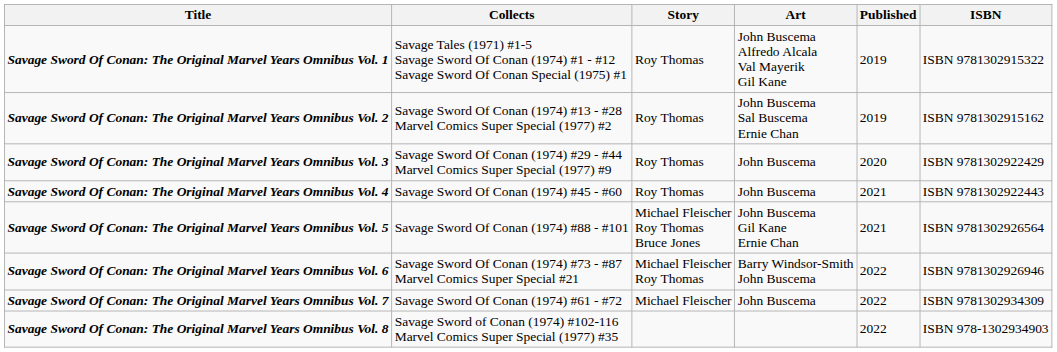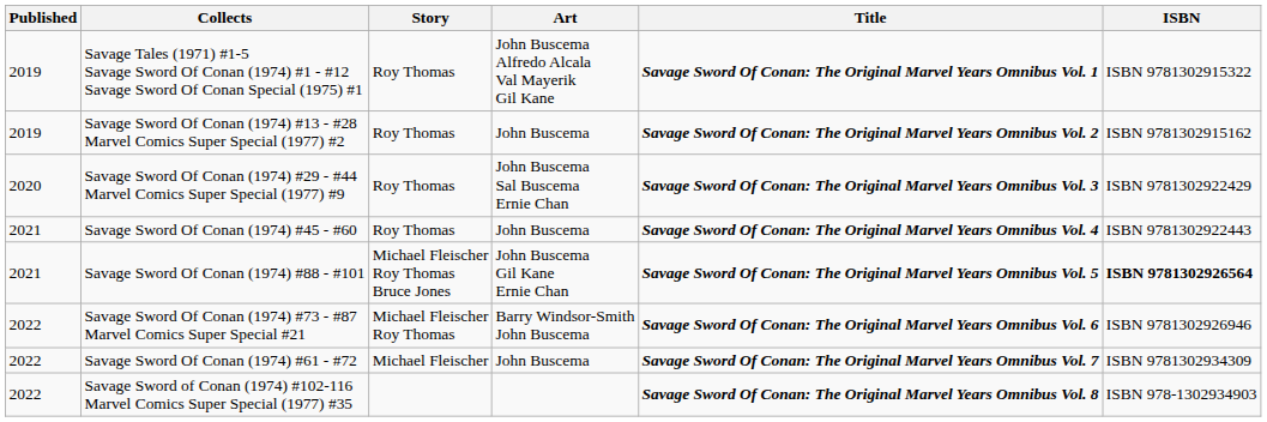 <table class="wikitable">
 <tr>
-<th>Title</th>
+<th>Published</th>
 <th>Collects</th>
 <th>Story</th>
 <th>Art</th>
-<th>Published</th>
+<th>Title</th>
 <th>ISBN</th>
 </tr>
 <tr>
-<td><strong><em>Savage Sword Of Conan: The Original Marvel Years Omnibus Vol. 1</em></strong></td>
+<td>2019</td>
 <td>Savage Tales (1971) #1-5<br>Savage Sword Of Conan (1974) #1 - #12<br>Savage Sword Of Conan Special (1975) #1</td>
 <td>Roy Thomas</td>
 <td>John Buscema<br>Alfredo Alcala<br>Val Mayerik<br>Gil Kane</td>
-<td>2019</td>
+<td><strong><em>Savage Sword Of Conan: The Original Marvel Years Omnibus Vol. 1</em></strong></td>
 <td>ISBN 9781302915322</td>
 </tr>
 <tr>
-<td><strong><em>Savage Sword Of Conan: The Original Marvel Years Omnibus Vol. 2</em></strong></td>
+<td>2019</td>
 <td>Savage Sword Of Conan (1974) #13 - #28<br>Marvel Comics Super Special (1977) #2</td>
 <td>Roy Thomas</td>
-<td>John Buscema<br>Sal Buscema<br>Ernie Chan</td>
-<td>2019</td>
+<td>John Buscema</td>
+<td><strong><em>Savage Sword Of Conan: The Original Marvel Years Omnibus Vol. 2</em></strong></td>
 <td>ISBN 9781302915162</td>
 </tr>
 <tr>
-<td><strong><em>Savage Sword Of Conan: The Original Marvel Years Omnibus Vol. 3</em></strong></td>
+<td>2020</td>
 <td>Savage Sword Of Conan (1974) #29 - #44<br>Marvel Comics Super Special (1977) #9</td>
 <td>Roy Thomas</td>
-<td>John Buscema</td>
-<td>2020</td>
+<td>John Buscema<br>Sal Buscema<br>Ernie Chan</td>
+<td><strong><em>Savage Sword Of Conan: The Original Marvel Years Omnibus Vol. 3</em></strong></td>
 <td>ISBN 9781302922429</td>
 </tr>
 <tr>
-<td><strong><em>Savage Sword Of Conan: The Original Marvel Years Omnibus Vol. 4</em></strong></td>
+<td>2021</td>
 <td>Savage Sword Of Conan (1974) #45 - #60</td>
 <td>Roy Thomas</td>
 <td>John Buscema</td>
-<td>2021</td>
+<td><strong><em>Savage Sword Of Conan: The Original Marvel Years Omnibus Vol. 4</em></strong></td>
 <td>ISBN 9781302922443</td>
 </tr>
 <tr>
-<td><strong><em>Savage Sword Of Conan: The Original Marvel Years Omnibus Vol. 5</em></strong></td>
+<td>2021</td>
 <td>Savage Sword Of Conan (1974) #88 - #101</td>
 <td>Michael Fleischer<br>Roy Thomas<br>Bruce Jones</td>
 <td>John Buscema<br>Gil Kane<br>Ernie Chan</td>
-<td>2021</td>
-<td>ISBN 9781302926564</td>
+<td><strong><em>Savage Sword Of Conan: The Original Marvel Years Omnibus Vol. 5</em></strong></td>
+<td><strong>ISBN 9781302926564</strong></td>
 </tr>
 <tr>
-<td><strong><em>Savage Sword Of Conan: The Original Marvel Years Omnibus Vol. 6</em></strong></td>
+<td>2022</td>
 <td>Savage Sword Of Conan (1974) #73 - #87<br>Marvel Comics Super Special #21</td>
 <td>Michael Fleischer<br>Roy Thomas</td>
 <td>Barry Windsor-Smith<br>John Buscema</td>
-<td>2022</td>
+<td><strong><em>Savage Sword Of Conan: The Original Marvel Years Omnibus Vol. 6</em></strong></td>
 <td>ISBN 9781302926946</td>
 </tr>
 <tr>
-<td><strong><em>Savage Sword Of Conan: The Original Marvel Years Omnibus Vol. 7</em></strong></td>
+<td>2022</td>
 <td>Savage Sword Of Conan (1974) #61 - #72</td>
 <td>Michael Fleischer</td>
 <td>John Buscema</td>
-<td>2022</td>
+<td><strong><em>Savage Sword Of Conan: The Original Marvel Years Omnibus Vol. 7</em></strong></td>
 <td>ISBN 9781302934309</td>
 </tr>
 <tr>
-<td><strong><em>Savage Sword Of Conan: The Original Marvel Years Omnibus Vol. 8</em></strong></td>
+<td>2022</td>
 <td>Savage Sword of Conan (1974) #102-116<br>Marvel Comics Super Special (1977) #35</td>
 <td></td>
 <td></td>
-<td>2022</td>
+<td><strong><em>Savage Sword Of Conan: The Original Marvel Years Omnibus Vol. 8</em></strong></td>
 <td>ISBN 978-1302934903</td>
 </tr>
 </table>
